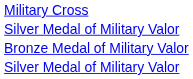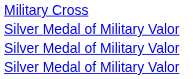 <table>
 <tr>
 <td></td>
 <td><a href='#'>Military Cross</a></td>
 </tr>
 <tr>
 <td></td>
 <td><a href='#'>Silver Medal of Military Valor</a></td>
 </tr>
 <tr>
 <td></td>
-<td><a href='#'>Bronze Medal of Military Valor</a></td>
+<td><a href='#'>Silver Medal of Military Valor</a></td>
 </tr>
 <tr>
 <td></td>
 <td><a href='#'>Silver Medal of Military Valor</a></td>
 </tr>
 </table>
